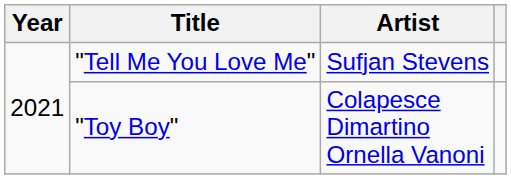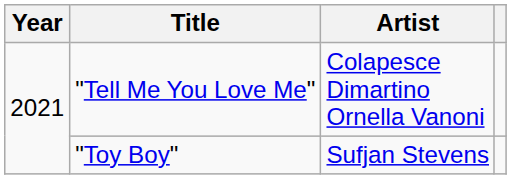 <table class="wikitable plainrowheaders">
 <tr>
 <th scope="col">Year</th>
 <th scope="col">Title</th>
 <th scope="col">Artist</th>
 <th></th>
 </tr>
 <tr>
 <td rowspan=2>2021</td>
 <td>"<a href='#'>Tell Me You Love Me</a>"</td>
-<td><a href='#'>Sufjan Stevens</a></td>
+<td><a href='#'>Colapesce</a><br><a href='#'>Dimartino</a><br><a href='#'>Ornella Vanoni</a></td>
 <td></td>
 </tr>
 <tr>
 <td>"<a href='#'>Toy Boy</a>"</td>
-<td><a href='#'>Colapesce</a><br><a href='#'>Dimartino</a><br><a href='#'>Ornella Vanoni</a></td>
+<td><a href='#'>Sufjan Stevens</a></td>
 <td></td>
 </tr>
 </table>
